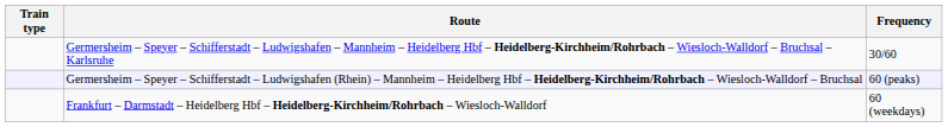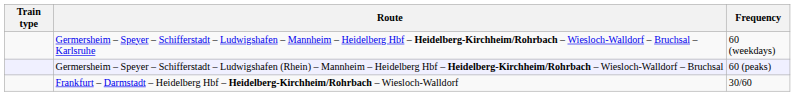 <table class="wikitable">
 <tr class="hintergrundfarbe6">
 <th>Train type</th>
 <th>Route</th>
 <th>Frequency</th>
 </tr>
 <tr>
 <td></td>
 <td><a href='#'>Germersheim</a> – <a href='#'>Speyer</a> – <a href='#'>Schifferstadt</a> – <a href='#'>Ludwigshafen</a> – <a href='#'>Mannheim</a> – <a href='#'>Heidelberg Hbf</a> – <strong>Heidelberg-Kirchheim/Rohrbach</strong> – <a href='#'>Wiesloch-Walldorf</a> – <a href='#'>Bruchsal</a> – <a href='#'>Karlsruhe</a></td>
-<td>30/60</td>
+<td>60 (weekdays)</td>
 </tr>
 <tr bgcolor="#f0f0ff">
 <td></td>
 <td>Germersheim – Speyer – Schifferstadt – Ludwigshafen (Rhein) – Mannheim – Heidelberg Hbf – <strong>Heidelberg-Kirchheim/Rohrbach</strong> – Wiesloch-Walldorf – Bruchsal</td>
 <td>60 (peaks)</td>
 </tr>
 <tr>
 <td></td>
 <td><a href='#'>Frankfurt</a> – <a href='#'>Darmstadt</a> – Heidelberg Hbf – <strong>Heidelberg-Kirchheim/Rohrbach</strong> – Wiesloch-Walldorf</td>
-<td>60 (weekdays)</td>
+<td>30/60</td>
 </tr>
 </table>
